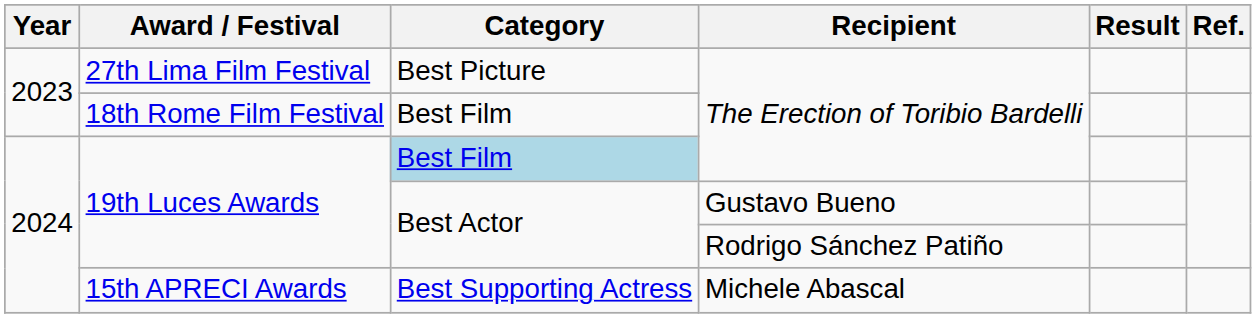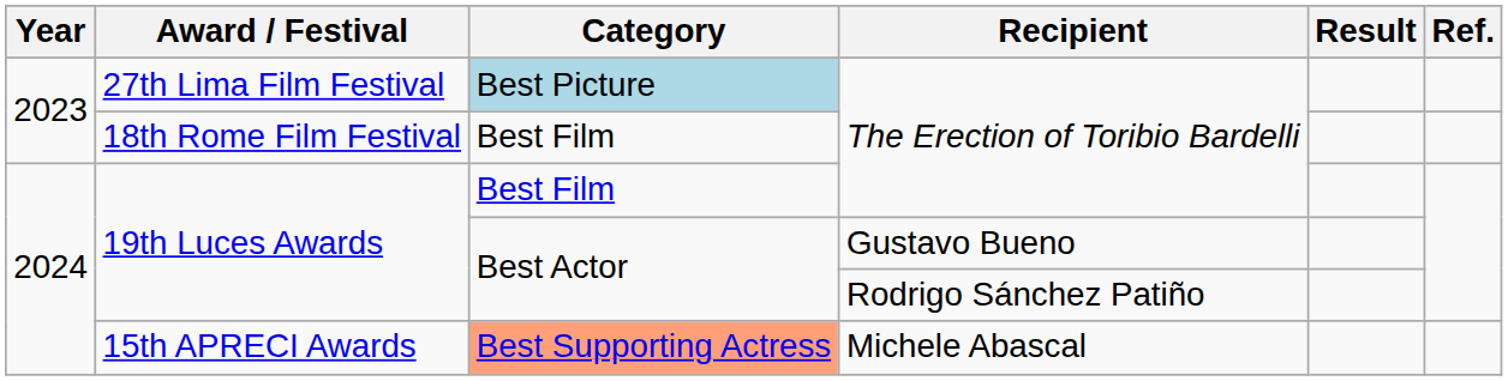 <table class="wikitable">
 <tr>
 <th>Year</th>
 <th>Award / Festival</th>
 <th>Category</th>
 <th>Recipient</th>
 <th>Result</th>
 <th>Ref.</th>
 </tr>
 <tr>
 <td rowspan="2">2023</td>
 <td><a href='#'>27th Lima Film Festival</a></td>
-<td>Best Picture</td>
+<td style="background: lightblue;">Best Picture</td>
 <td rowspan="3"><em>The Erection of Toribio Bardelli</em></td>
 <td></td>
 <td></td>
 </tr>
 <tr>
 <td><a href='#'>18th Rome Film Festival</a></td>
 <td>Best Film</td>
 <td></td>
 <td></td>
 </tr>
 <tr>
 <td rowspan="4">2024</td>
 <td rowspan="3"><a href='#'>19th Luces Awards</a></td>
-<td style="background: lightblue;"><a href='#'>Best Film</a></td>
+<td><a href='#'>Best Film</a></td>
 <td></td>
 <td rowspan="3"></td>
 </tr>
 <tr>
 <td rowspan="2">Best Actor</td>
 <td>Gustavo Bueno</td>
 <td></td>
 </tr>
 <tr>
 <td>Rodrigo Sánchez Patiño</td>
 <td></td>
 </tr>
 <tr>
 <td><a href='#'>15th APRECI Awards</a></td>
-<td><a href='#'>Best Supporting Actress</a></td>
+<td style="background: lightsalmon;"><a href='#'>Best Supporting Actress</a></td>
 <td>Michele Abascal</td>
 <td></td>
 <td></td>
 </tr>
 </table>
